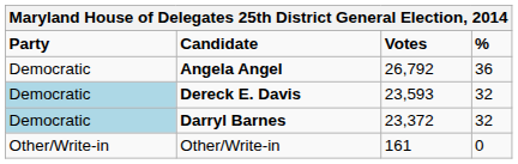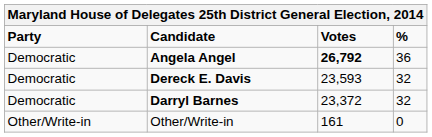 <table class="wikitable">
 <tr>
 <th colspan="4">Maryland House of Delegates 25th District General Election, 2014</th>
 </tr>
 <tr>
 <td><strong>Party</strong></td>
 <td><strong>Candidate</strong></td>
 <td><strong>Votes</strong></td>
 <td><strong>%</strong></td>
 </tr>
 <tr>
 <td>Democratic</td>
 <td><strong>Angela Angel</strong></td>
-<td>26,792</td>
+<td><strong>26,792</strong></td>
 <td>36</td>
 </tr>
 <tr>
-<td style="background: lightblue;">Democratic</td>
+<td>Democratic</td>
 <td><strong>Dereck E. Davis</strong></td>
 <td>23,593</td>
 <td>32</td>
 </tr>
 <tr>
-<td style="background: lightblue;">Democratic</td>
+<td>Democratic</td>
 <td><strong>Darryl Barnes</strong></td>
 <td>23,372</td>
 <td>32</td>
 </tr>
 <tr>
 <td>Other/Write-in</td>
 <td>Other/Write-in</td>
 <td>161</td>
 <td>0</td>
 </tr>
 </table>
